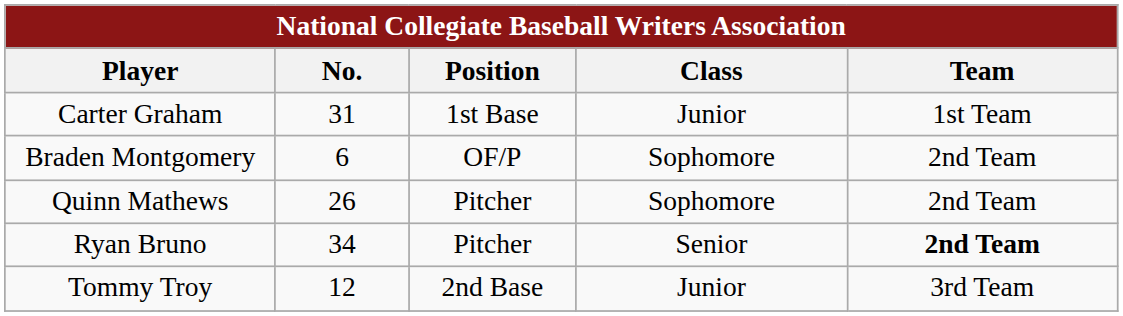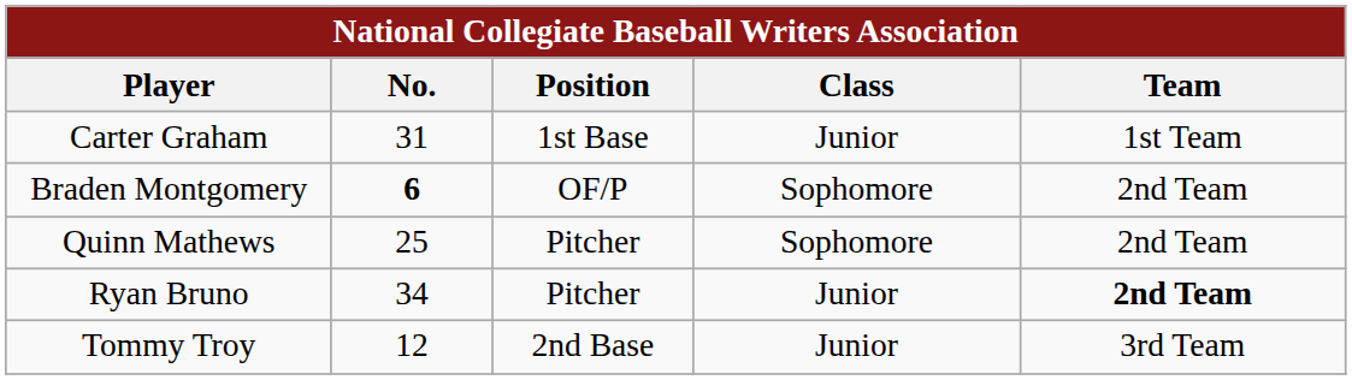 <table class="wikitable" style="text-align:center">
 <tr>
 <td colspan="5" style= "background: #8C1515; color:white"><strong>National Collegiate Baseball Writers Association</strong></td>
 </tr>
 <tr>
 <th style="width:150px; ">Player</th>
 <th style="width:70px; ">No.</th>
 <th style="width:90px; ">Position</th>
 <th style="width:150px; ">Class</th>
 <th style="width:150px; ">Team</th>
 </tr>
 <tr>
 <td>Carter Graham</td>
 <td>31</td>
 <td>1st Base</td>
 <td>Junior</td>
 <td>1st Team</td>
 </tr>
 <tr>
 <td>Braden Montgomery</td>
-<td>6</td>
+<td><strong>6</strong></td>
 <td>OF/P</td>
 <td>Sophomore</td>
 <td>2nd Team</td>
 </tr>
 <tr>
 <td>Quinn Mathews</td>
-<td>26</td>
+<td>25</td>
 <td>Pitcher</td>
 <td>Sophomore</td>
 <td>2nd Team</td>
 </tr>
 <tr>
 <td>Ryan Bruno</td>
 <td>34</td>
 <td>Pitcher</td>
-<td>Senior</td>
+<td>Junior</td>
 <td><strong>2nd Team</strong></td>
 </tr>
 <tr>
 <td>Tommy Troy</td>
 <td>12</td>
 <td>2nd Base</td>
 <td>Junior</td>
 <td>3rd Team</td>
 </tr>
 </table>
